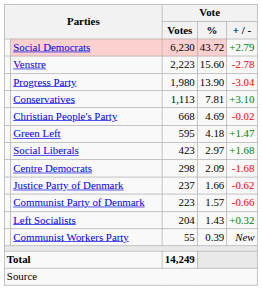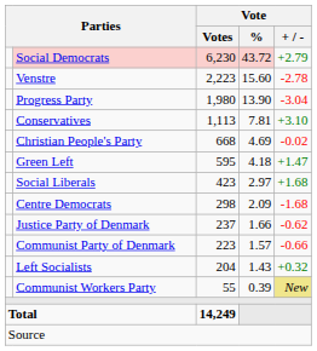 <table class="wikitable" style="text-align:right;">
 <tr>
 <th style="text-align:centre;" rowspan="2" colspan="2" width="225">Parties</th>
 <th colspan="3">Vote</th>
 </tr>
 <tr>
 <th width="15">Votes</th>
 <th width="15">%</th>
 <th width="15">+ / -</th>
 </tr>
 <tr>
 <td width="2" style="color:inherit;background:"></td>
 <td bgcolor=#fbd0ce  align="left"><a href='#'>Social Democrats</a></td>
 <td bgcolor=#fbd0ce>6,230</td>
 <td bgcolor=#fbd0ce>43.72</td>
 <td style=color:green;>+2.79</td>
 </tr>
 <tr>
 <td width="2" style="color:inherit;background:"></td>
 <td align="left"><a href='#'>Venstre</a></td>
 <td>2,223</td>
 <td>15.60</td>
 <td style=color:red;>-2.78</td>
 </tr>
 <tr>
 <td width="2" style="color:inherit;background:"></td>
 <td align="left"><a href='#'>Progress Party</a></td>
 <td>1,980</td>
 <td>13.90</td>
 <td style=color:red;>-3.04</td>
 </tr>
 <tr>
 <td width="2" style="color:inherit;background:"></td>
 <td align="left"><a href='#'>Conservatives</a></td>
 <td>1,113</td>
 <td>7.81</td>
 <td style=color:green;>+3.10</td>
 </tr>
 <tr>
 <td width="2" style="color:inherit;background:"></td>
 <td align="left"><a href='#'>Christian People's Party</a></td>
 <td>668</td>
 <td>4.69</td>
 <td style=color:red;>-0.02</td>
 </tr>
 <tr>
 <td width="2" style="color:inherit;background:"></td>
 <td align="left"><a href='#'>Green Left</a></td>
 <td>595</td>
 <td>4.18</td>
 <td style=color:green;>+1.47</td>
 </tr>
 <tr>
 <td width="2" style="color:inherit;background:"></td>
 <td align="left"><a href='#'>Social Liberals</a></td>
 <td>423</td>
 <td>2.97</td>
 <td style=color:green;>+1.68</td>
 </tr>
 <tr>
 <td width="2" style="color:inherit;background:"></td>
 <td align="left"><a href='#'>Centre Democrats</a></td>
 <td>298</td>
 <td>2.09</td>
 <td style=color:red;>-1.68</td>
 </tr>
 <tr>
 <td width="2" style="color:inherit;background:"></td>
 <td align="left"><a href='#'>Justice Party of Denmark</a></td>
 <td>237</td>
 <td>1.66</td>
 <td style=color:red;>-0.62</td>
 </tr>
 <tr>
 <td width="2" style="color:inherit;background:"></td>
 <td align="left"><a href='#'>Communist Party of Denmark</a></td>
 <td>223</td>
 <td>1.57</td>
 <td style=color:red;>-0.66</td>
 </tr>
 <tr>
 <td width="2" style="color:inherit;background:"></td>
 <td align="left"><a href='#'>Left Socialists</a></td>
 <td>204</td>
 <td>1.43</td>
 <td style=color:green;>+0.32</td>
 </tr>
 <tr>
 <td width="2" style="color:inherit;background:"></td>
 <td align="left"><a href='#'>Communist Workers Party</a></td>
 <td>55</td>
 <td>0.39</td>
-<td><em>New</em></td>
+<td style="background: khaki;"><em>New</em></td>
 </tr>
 <tr>
 <td colspan="7" bgcolor="#E9E9E9"></td>
 </tr>
 <tr>
 <td align="left" colspan="2"><strong>Total</strong></td>
 <td><strong>14,249</strong></td>
 <td bgcolor="#E9E9E9" colspan="2"></td>
 </tr>
 <tr>
 <td align="left" colspan="6">Source</td>
 </tr>
 </table>
